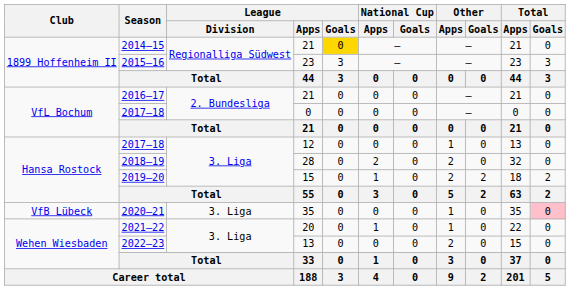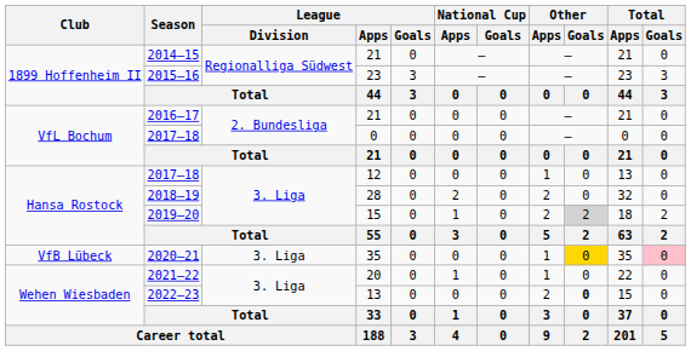 <table class="wikitable" style="text-align:center">
 <tr>
 <th rowspan="2">Club</th>
 <th rowspan="2">Season</th>
 <th colspan="3">League</th>
 <th colspan="2">National Cup</th>
 <th colspan="2">Other</th>
 <th colspan="2">Total</th>
 </tr>
 <tr>
 <th>Division</th>
 <th>Apps</th>
 <th>Goals</th>
 <th>Apps</th>
 <th>Goals</th>
 <th>Apps</th>
 <th>Goals</th>
 <th>Apps</th>
 <th>Goals</th>
 </tr>
 <tr>
 <td rowspan="3"><a href='#'>1899 Hoffenheim II</a></td>
 <td><a href='#'>2014–15</a></td>
 <td rowspan="2"><a href='#'>Regionalliga Südwest</a></td>
 <td>21</td>
-<td style="background: gold;">0</td>
+<td>0</td>
 <td colspan="2">—</td>
 <td colspan="2">—</td>
 <td>21</td>
 <td>0</td>
 </tr>
 <tr>
 <td><a href='#'>2015–16</a></td>
 <td>23</td>
 <td>3</td>
 <td colspan="2">—</td>
 <td colspan="2">—</td>
 <td>23</td>
 <td>3</td>
 </tr>
 <tr>
 <th colspan="2">Total</th>
 <th>44</th>
 <th>3</th>
 <th>0</th>
 <th>0</th>
 <th>0</th>
 <th>0</th>
 <th>44</th>
 <th>3</th>
 </tr>
 <tr>
 <td rowspan="3"><a href='#'>VfL Bochum</a></td>
 <td><a href='#'>2016–17</a></td>
 <td rowspan="2"><a href='#'>2. Bundesliga</a></td>
 <td>21</td>
 <td>0</td>
 <td>0</td>
 <td>0</td>
 <td colspan="2">—</td>
 <td>21</td>
 <td>0</td>
 </tr>
 <tr>
 <td><a href='#'>2017–18</a></td>
 <td>0</td>
 <td>0</td>
 <td>0</td>
 <td>0</td>
 <td colspan="2">—</td>
 <td>0</td>
 <td>0</td>
 </tr>
 <tr>
 <th colspan="2">Total</th>
 <th>21</th>
 <th>0</th>
 <th>0</th>
 <th>0</th>
 <th>0</th>
 <th>0</th>
 <th>21</th>
 <th>0</th>
 </tr>
 <tr>
 <td rowspan="4"><a href='#'>Hansa Rostock</a></td>
 <td><a href='#'>2017–18</a></td>
 <td rowspan="3"><a href='#'>3. Liga</a></td>
 <td>12</td>
 <td>0</td>
 <td>0</td>
 <td>0</td>
 <td>1</td>
 <td>0</td>
 <td>13</td>
 <td>0</td>
 </tr>
 <tr>
 <td><a href='#'>2018–19</a></td>
 <td>28</td>
 <td>0</td>
 <td>2</td>
 <td>0</td>
 <td>2</td>
 <td>0</td>
 <td>32</td>
 <td>0</td>
 </tr>
 <tr>
 <td><a href='#'>2019–20</a></td>
 <td>15</td>
 <td>0</td>
 <td>1</td>
 <td>0</td>
 <td>2</td>
-<td>2</td>
+<td style="background: lightgrey;">2</td>
 <td>18</td>
 <td>2</td>
 </tr>
 <tr>
 <th colspan="2">Total</th>
 <th>55</th>
 <th>0</th>
 <th>3</th>
 <th>0</th>
 <th>5</th>
 <th>2</th>
 <th>63</th>
 <th>2</th>
 </tr>
 <tr>
 <td><a href='#'>VfB Lübeck</a></td>
 <td><a href='#'>2020–21</a></td>
 <td>3. Liga</td>
 <td>35</td>
 <td>0</td>
 <td>0</td>
 <td>0</td>
 <td>1</td>
-<td>0</td>
+<td style="background: gold;">0</td>
 <td>35</td>
 <td style="background: pink;">0</td>
 </tr>
 <tr>
 <td rowspan="3"><a href='#'>Wehen Wiesbaden</a></td>
 <td><a href='#'>2021–22</a></td>
 <td rowspan="2">3. Liga</td>
 <td>20</td>
 <td>0</td>
 <td>1</td>
 <td>0</td>
 <td>1</td>
 <td>0</td>
 <td>22</td>
 <td>0</td>
 </tr>
 <tr>
 <td><a href='#'>2022–23</a></td>
 <td>13</td>
 <td>0</td>
 <td>0</td>
 <td>0</td>
 <td>2</td>
-<td>0</td>
+<td><strong>0</strong></td>
 <td>15</td>
 <td>0</td>
 </tr>
 <tr>
 <th colspan="2">Total</th>
 <th>33</th>
 <th>0</th>
 <th>1</th>
 <th>0</th>
 <th>3</th>
 <th>0</th>
 <th>37</th>
 <th>0</th>
 </tr>
 <tr>
 <th colspan="3">Career total</th>
 <th>188</th>
 <th>3</th>
 <th>4</th>
 <th>0</th>
 <th>9</th>
 <th>2</th>
 <th>201</th>
 <th>5</th>
 </tr>
 </table>
